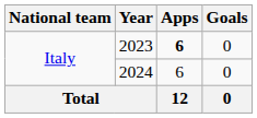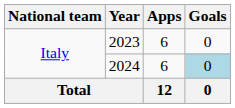 <table class="wikitable" style="text-align:center">
 <tr>
 <th>National team</th>
 <th>Year</th>
 <th>Apps</th>
 <th>Goals</th>
 </tr>
 <tr>
 <td rowspan="2"><a href='#'>Italy</a></td>
 <td>2023</td>
-<td><strong>6</strong></td>
+<td>6</td>
 <td>0</td>
 </tr>
 <tr>
 <td>2024</td>
 <td>6</td>
-<td>0</td>
+<td style="background: lightblue;">0</td>
 </tr>
 <tr>
 <th colspan="2">Total</th>
 <th>12</th>
 <th>0</th>
 </tr>
 </table>
